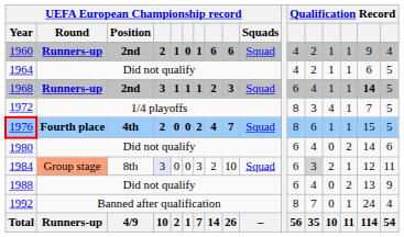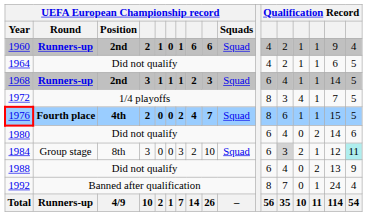 <table class="wikitable" style="text-align: center;">
 <tr>
 <th colspan=10><a href='#'>UEFA European Championship record</a></th>
 <th rowspan=12></th>
 <th colspan=6><a href='#'>Qualification</a> Record</th>
 </tr>
 <tr>
 <th>Year</th>
 <th>Round</th>
 <th>Position</th>
 <th></th>
 <th></th>
 <th></th>
 <th></th>
 <th></th>
 <th></th>
 <th>Squads</th>
 <th></th>
 <th></th>
 <th></th>
 <th></th>
 <th></th>
 <th></th>
 </tr>
 <tr bgcolor=Silver>
 <td> <a href='#'>1960</a></td>
 <td><strong><a href='#'>Runners-up</a></strong></td>
 <td><strong>2nd</strong></td>
 <td><strong>2</strong></td>
 <td><strong>1</strong></td>
 <td><strong>0</strong></td>
 <td><strong>1</strong></td>
 <td><strong>6</strong></td>
 <td><strong>6</strong></td>
 <td><a href='#'>Squad</a></td>
 <td>4</td>
 <td>2</td>
 <td>1</td>
 <td>1</td>
 <td>9</td>
 <td>4</td>
 </tr>
 <tr>
 <td> <a href='#'>1964</a></td>
 <td colspan=9>Did not qualify</td>
 <td>4</td>
 <td>2</td>
 <td>1</td>
 <td>1</td>
 <td>6</td>
 <td>5</td>
 </tr>
 <tr bgcolor=Silver>
 <td> <a href='#'>1968</a></td>
 <td><strong><a href='#'>Runners-up</a></strong></td>
 <td><strong>2nd</strong></td>
 <td><strong>3</strong></td>
 <td><strong>1</strong></td>
 <td><strong>1</strong></td>
 <td><strong>1</strong></td>
 <td><strong>2</strong></td>
 <td><strong>3</strong></td>
 <td><a href='#'>Squad</a></td>
 <td>6</td>
 <td>4</td>
 <td>1</td>
 <td>1</td>
-<td><strong>14</strong></td>
+<td>14</td>
 <td>5</td>
 </tr>
 <tr>
 <td> <a href='#'>1972</a></td>
 <td colspan=9>1/4 playoffs</td>
 <td>8</td>
 <td>3</td>
 <td>4</td>
 <td>1</td>
 <td>7</td>
 <td>5</td>
 </tr>
 <tr style="background:#9acdff;">
 <td style="border: 3px solid red"> <a href='#'>1976</a></td>
 <td><strong>Fourth place</strong></td>
 <td><strong>4th</strong></td>
 <td><strong>2</strong></td>
 <td><strong>0</strong></td>
 <td><strong>0</strong></td>
 <td><strong>2</strong></td>
 <td><strong>4</strong></td>
 <td><strong>7</strong></td>
 <td><a href='#'>Squad</a></td>
 <td>8</td>
 <td>6</td>
 <td>1</td>
 <td>1</td>
 <td>15</td>
 <td>5</td>
 </tr>
 <tr>
 <td> <a href='#'>1980</a></td>
 <td colspan=9>Did not qualify</td>
 <td>6</td>
 <td>4</td>
 <td>0</td>
 <td>2</td>
 <td>14</td>
 <td>6</td>
 </tr>
 <tr>
 <td> <a href='#'>1984</a></td>
-<td style="background: lightsalmon;">Group stage</td>
+<td>Group stage</td>
 <td>8th</td>
-<td style="background: lavender;">3</td>
+<td>3</td>
 <td>0</td>
 <td>0</td>
 <td>3</td>
 <td>2</td>
 <td>10</td>
 <td><a href='#'>Squad</a></td>
 <td>6</td>
 <td style="background: lightgrey;">3</td>
 <td>2</td>
 <td>1</td>
 <td>12</td>
-<td>11</td>
+<td style="background: paleturquoise;">11</td>
 </tr>
 <tr>
 <td> <a href='#'>1988</a></td>
 <td colspan=9>Did not qualify</td>
 <td>6</td>
 <td>4</td>
 <td>0</td>
 <td>2</td>
 <td>13</td>
 <td>9</td>
 </tr>
 <tr>
 <td> <a href='#'>1992</a></td>
 <td colspan=9>Banned after qualification</td>
 <td>8</td>
 <td>7</td>
 <td>0</td>
 <td>1</td>
 <td>24</td>
 <td>4</td>
 </tr>
 <tr>
 <th>Total</th>
 <th>Runners-up</th>
 <th>4/9</th>
 <th>10</th>
 <th>2</th>
 <th>1</th>
 <th>7</th>
 <th>14</th>
 <th>26</th>
 <th>–</th>
 <th>56</th>
 <th>35</th>
 <th>10</th>
 <th>11</th>
 <th>114</th>
 <th>54</th>
 </tr>
 </table>
